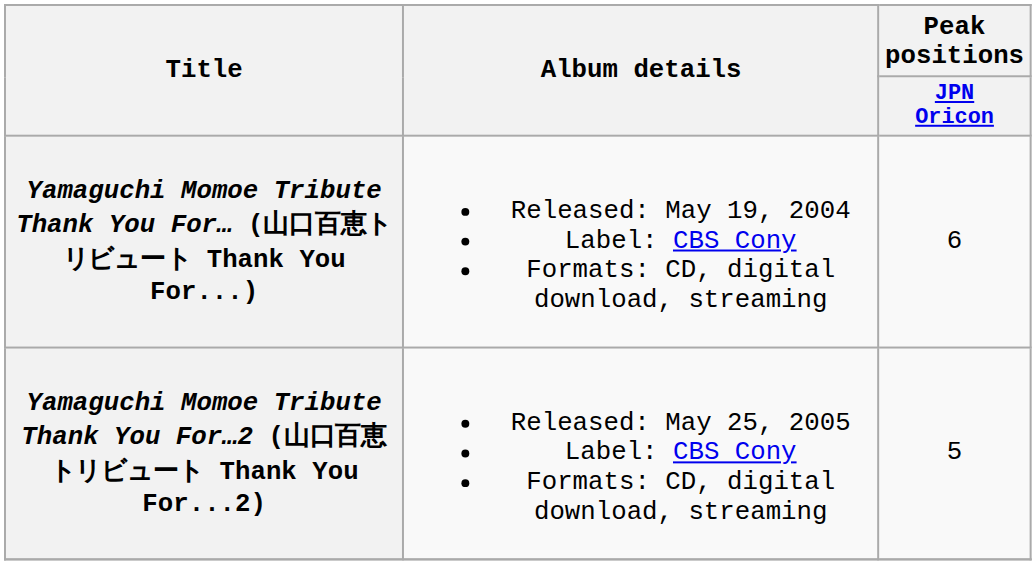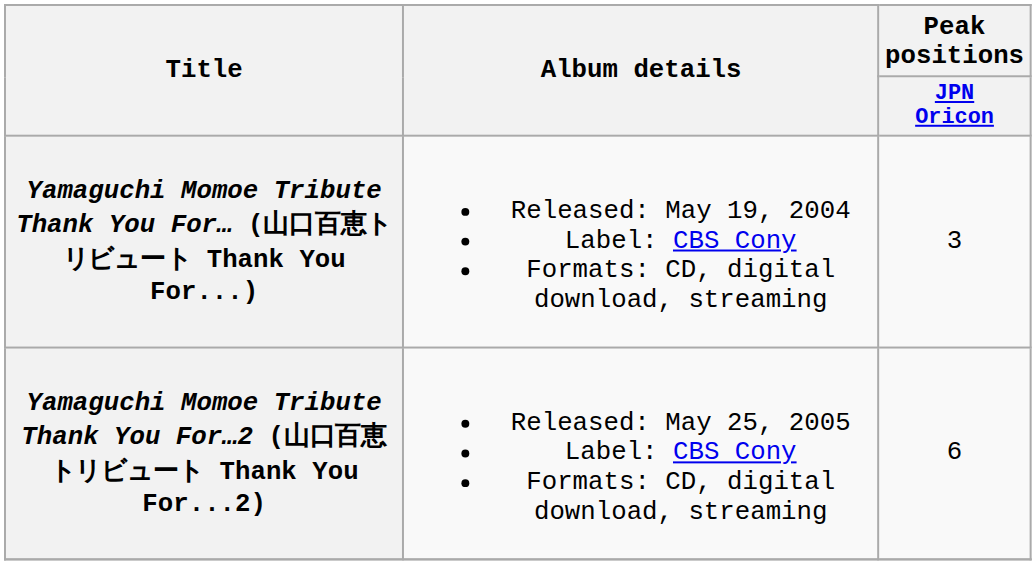 <table class="wikitable plainrowheaders" style="text-align:center;">
 <tr>
 <th style="width:15em;" rowspan="2">Title</th>
 <th style="width:18em;" rowspan="2">Album details</th>
 <th colspan="1">Peak positions</th>
 </tr>
 <tr>
 <th style="width:3em;font-size:85%"><a href='#'>JPN<br>Oricon</a><br></th>
 </tr>
 <tr>
 <th scope="row"><em>Yamaguchi Momoe Tribute Thank You For…</em> (山口百恵トリビュート Thank You For...)</th>
 <td><br><ul><li>Released: May 19, 2004</li><li>Label: <a href='#'>CBS Cony</a></li><li>Formats: CD, digital download, streaming</li></ul></td>
-<td>6</td>
+<td>3</td>
 </tr>
 <tr>
 <th scope="row"><em>Yamaguchi Momoe Tribute Thank You For…2</em> (山口百恵トリビュート Thank You For...2)</th>
 <td><br><ul><li>Released: May 25, 2005</li><li>Label: <a href='#'>CBS Cony</a></li><li>Formats: CD, digital download, streaming</li></ul></td>
-<td>5</td>
+<td>6</td>
 </tr>
 <tr>
 </tr>
 </table>
